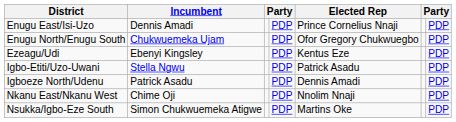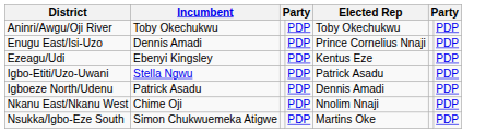 <table class="sortable wikitable" style="font-size:95%;line-height:14px;">
 <tr>
 <th class="unsortable">District</th>
 <th class="unsortable"><a href='#'>Incumbent</a></th>
 <th colspan="2">Party</th>
 <th class="unsortable">Elected Rep</th>
 <th colspan="2">Party</th>
 </tr>
 <tr>
+<td>Aninri/Awgu/Oji River</td>
+<td>Toby Okechukwu</td>
+<td style="background:"></td>
+<td><a href='#'>PDP</a></td>
+<td>Toby Okechukwu</td>
+<td style="background:"></td>
+<td><a href='#'>PDP</a></td>
+</tr>
+<tr>
 <td>Enugu East/Isi-Uzo</td>
 <td>Dennis Amadi</td>
 <td style="background:"></td>
 <td><a href='#'>PDP</a></td>
 <td>Prince Cornelius Nnaji</td>
-<td style="background:"></td>
-<td><a href='#'>PDP</a></td>
-</tr>
-<tr>
-<td>Enugu North/Enugu South</td>
-<td><a href='#'>Chukwuemeka Ujam</a></td>
-<td style="background:"></td>
-<td><a href='#'>PDP</a></td>
-<td>Ofor Gregory Chukwuegbo</td>
 <td style="background:"></td>
 <td><a href='#'>PDP</a></td>
 </tr>
 <tr>
 <td>Ezeagu/Udi</td>
 <td>Ebenyi Kingsley</td>
 <td style="background:"></td>
 <td><a href='#'>PDP</a></td>
 <td>Kentus Eze</td>
 <td style="background:"></td>
 <td><a href='#'>PDP</a></td>
 </tr>
 <tr>
 <td>Igbo-Etiti/Uzo-Uwani</td>
 <td><a href='#'>Stella Ngwu</a></td>
 <td style="background:"></td>
 <td><a href='#'>PDP</a></td>
 <td>Patrick Asadu</td>
 <td style="background:"></td>
 <td><a href='#'>PDP</a></td>
 </tr>
 <tr>
 <td>Igboeze North/Udenu</td>
 <td>Patrick Asadu</td>
 <td style="background:"></td>
 <td><a href='#'>PDP</a></td>
 <td>Dennis Amadi</td>
 <td style="background:"></td>
 <td><a href='#'>PDP</a></td>
 </tr>
 <tr>
 <td>Nkanu East/Nkanu West</td>
 <td>Chime Oji</td>
 <td style="background:"></td>
 <td><a href='#'>PDP</a></td>
 <td>Nnolim Nnaji</td>
 <td style="background:"></td>
 <td><a href='#'>PDP</a></td>
 </tr>
 <tr>
 <td>Nsukka/Igbo-Eze South</td>
 <td>Simon Chukwuemeka Atigwe</td>
 <td style="background:"></td>
 <td><a href='#'>PDP</a></td>
 <td>Martins Oke</td>
 <td style="background:"></td>
 <td><a href='#'>PDP</a></td>
 </tr>
 </table>
